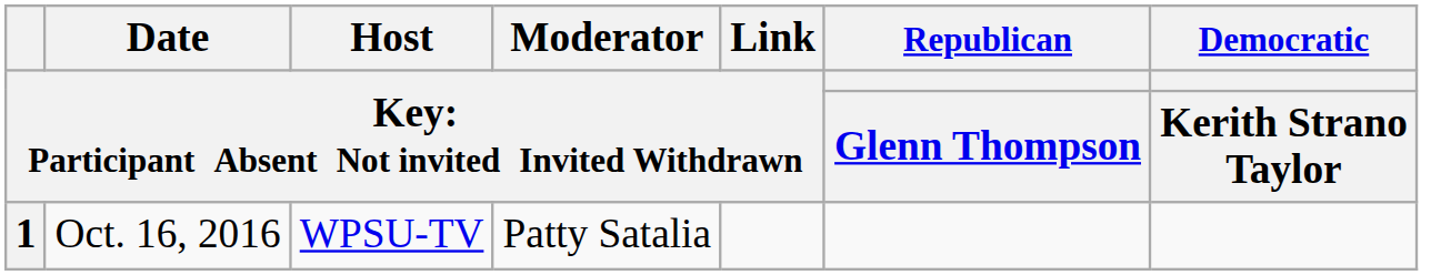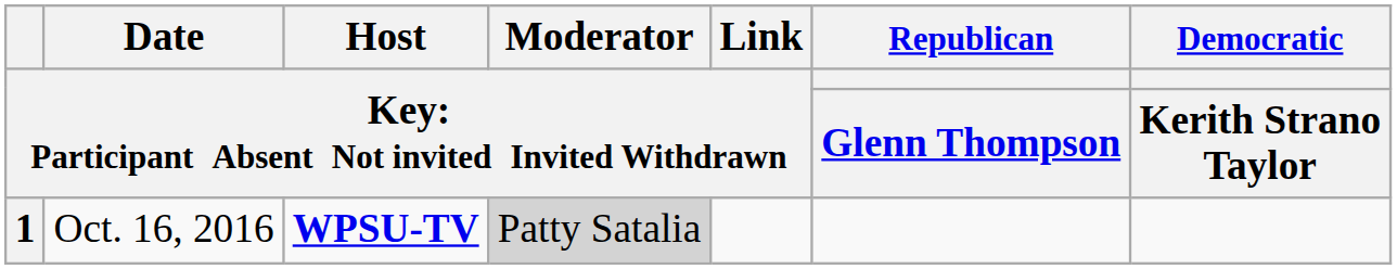 <table class="wikitable" style="text-align:center;">
 <tr>
 <th scope="col"></th>
 <th scope="col">Date</th>
 <th scope="col">Host</th>
 <th scope="col">Moderator</th>
 <th scope="col">Link</th>
 <th scope="col"><small><a href='#'>Republican</a></small></th>
 <th scope="col"><small><a href='#'>Democratic</a></small></th>
 </tr>
 <tr>
 <th colspan="5" rowspan="2">Key:<br> <small>Participant </small>  <small>Absent </small>  <small>Not invited </small>  <small>Invited  Withdrawn</small></th>
 <th scope="col" style="background:"></th>
 <th scope="col" style="background:"></th>
 </tr>
 <tr>
 <th scope="col"><a href='#'>Glenn Thompson</a></th>
 <th scope="col">Kerith Strano<br>Taylor</th>
 </tr>
 <tr>
 <th>1</th>
 <td style="white-space:nowrap;">Oct. 16, 2016</td>
-<td style="white-space:nowrap;"><a href='#'>WPSU-TV</a></td>
-<td style="white-space:nowrap;">Patty Satalia</td>
+<td style="white-space:nowrap;"><strong><a href='#'>WPSU-TV</a></strong></td>
+<td style="background: lightgrey; white-space:nowrap;">Patty Satalia</td>
 <td style="white-space:nowrap;"></td>
 <td></td>
 <td></td>
 </tr>
 </table>
